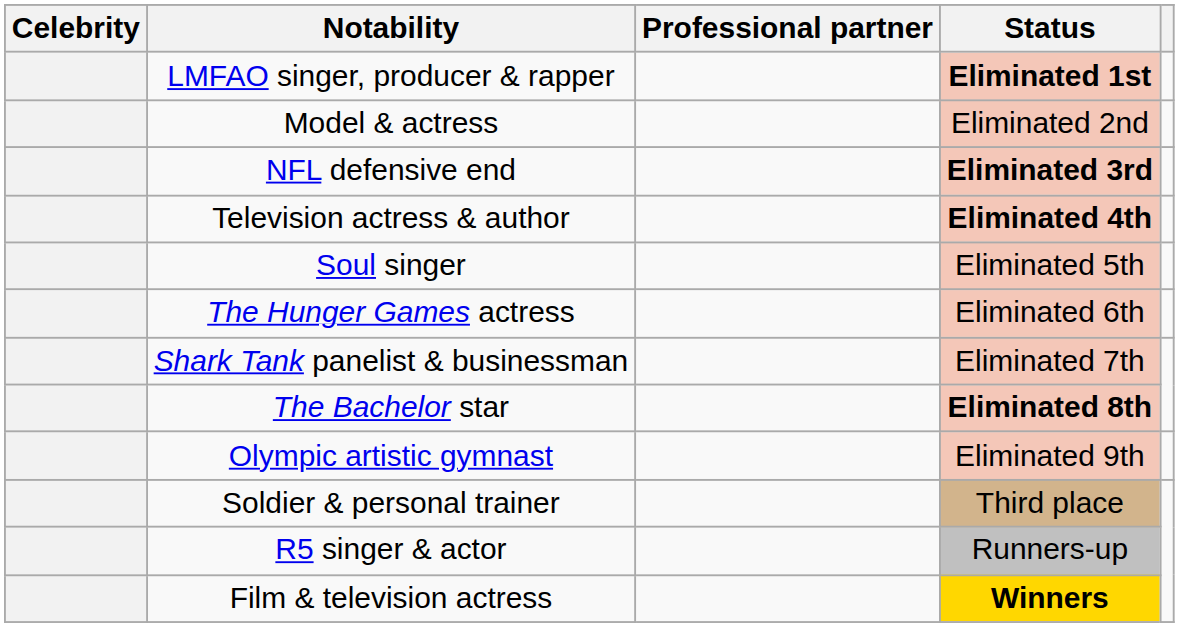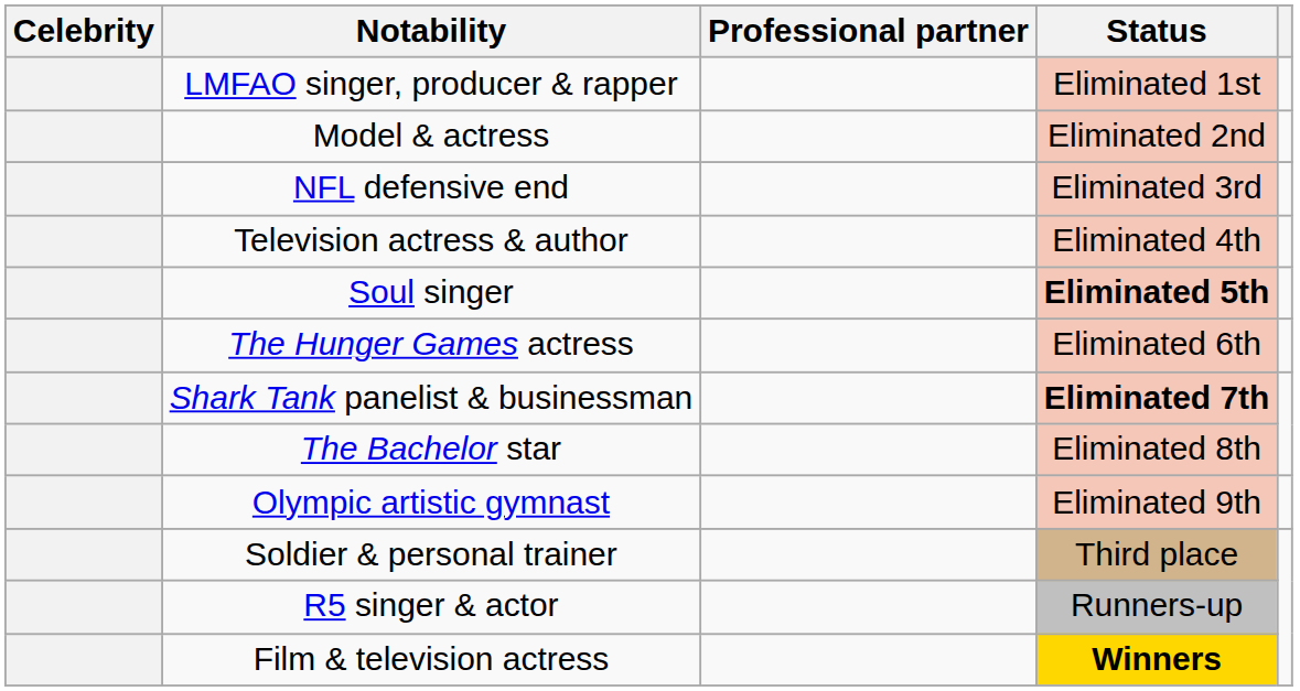 <table class="wikitable sortable" style="text-align:center;">
 <tr>
 <th scope="col">Celebrity</th>
 <th scope="col" class="unsortable">Notability</th>
 <th scope="col">Professional partner</th>
 <th scope="col">Status</th>
 <th scope="col" class="unsortable"></th>
 </tr>
 <tr>
 <th scope="row"></th>
 <td><a href='#'>LMFAO</a> singer, producer & rapper</td>
 <td></td>
-<td style="background:#f4c7b8;"><strong>Eliminated 1st<br></strong></td>
+<td style="background:#f4c7b8;">Eliminated 1st<br></td>
 <td></td>
 </tr>
 <tr>
 <th scope="row"></th>
 <td>Model & actress</td>
 <td></td>
 <td style="background:#f4c7b8;">Eliminated 2nd<br></td>
 <td></td>
 </tr>
 <tr>
 <th scope="row"></th>
 <td><a href='#'>NFL</a> defensive end</td>
 <td></td>
-<td style="background:#f4c7b8;"><strong>Eliminated 3rd<br></strong></td>
+<td style="background:#f4c7b8;">Eliminated 3rd<br></td>
 <td></td>
 </tr>
 <tr>
 <th scope="row"></th>
 <td>Television actress & author</td>
 <td></td>
-<td style="background:#f4c7b8;"><strong>Eliminated 4th<br></strong></td>
+<td style="background:#f4c7b8;">Eliminated 4th<br></td>
 <td></td>
 </tr>
 <tr>
 <th scope="row"></th>
 <td><a href='#'>Soul</a> singer</td>
 <td></td>
-<td style="background:#f4c7b8;">Eliminated 5th<br></td>
+<td style="background:#f4c7b8;"><strong>Eliminated 5th<br></strong></td>
 <td></td>
 </tr>
 <tr>
 <th scope="row"></th>
 <td><em><a href='#'>The Hunger Games</a></em> actress</td>
 <td></td>
 <td style="background:#f4c7b8;">Eliminated 6th<br></td>
 <td></td>
 </tr>
 <tr>
 <th scope="row"></th>
 <td><em><a href='#'>Shark Tank</a></em> panelist & businessman</td>
 <td></td>
-<td style="background:#f4c7b8;">Eliminated 7th<br></td>
+<td style="background:#f4c7b8;"><strong>Eliminated 7th<br></strong></td>
 <td rowspan=2></td>
 </tr>
 <tr>
 <th scope="row"></th>
 <td><em><a href='#'>The Bachelor</a></em> star</td>
 <td></td>
-<td style="background:#f4c7b8;"><strong>Eliminated 8th<br></strong></td>
+<td style="background:#f4c7b8;">Eliminated 8th<br></td>
 </tr>
 <tr>
 <th scope="row"></th>
 <td><a href='#'>Olympic artistic gymnast</a></td>
 <td><br><em></em></td>
 <td style="background:#f4c7b8;">Eliminated 9th<br></td>
 <td></td>
 </tr>
 <tr>
 <th scope="row"></th>
 <td>Soldier & personal trainer</td>
 <td></td>
 <td style="background:tan;">Third place<br></td>
 <td rowspan=3></td>
 </tr>
 <tr>
 <th scope="row"></th>
 <td><a href='#'>R5</a> singer & actor</td>
 <td></td>
 <td style="background:silver;">Runners-up<br></td>
 </tr>
 <tr>
 <th scope="row"></th>
 <td>Film & television actress</td>
 <td></td>
 <td style="background:gold;"><strong>Winners</strong><br></td>
 </tr>
 </table>
